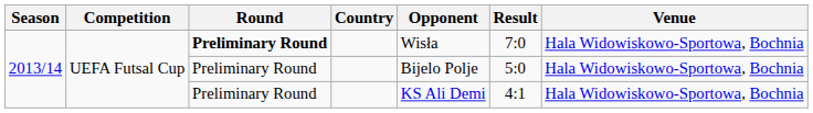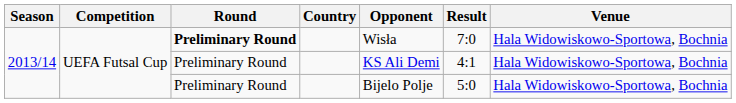 <table class="wikitable">
 <tr>
 <th>Season</th>
 <th>Competition</th>
 <th>Round</th>
 <th>Country</th>
 <th>Opponent</th>
 <th>Result</th>
 <th>Venue</th>
 </tr>
 <tr>
 <td rowspan=3><a href='#'>2013/14</a></td>
 <td rowspan=3 align=center>UEFA Futsal Cup</td>
 <td><strong>Preliminary Round</strong></td>
 <td align=center></td>
 <td>Wisła</td>
 <td align=center>7:0</td>
 <td><a href='#'>Hala Widowiskowo-Sportowa</a>, <a href='#'>Bochnia</a></td>
 </tr>
 <tr>
 <td>Preliminary Round</td>
 <td align=center></td>
-<td>Bijelo Polje</td>
-<td align=center>5:0</td>
+<td><a href='#'>KS Ali Demi</a></td>
+<td align=center>4:1</td>
 <td><a href='#'>Hala Widowiskowo-Sportowa</a>, <a href='#'>Bochnia</a></td>
 </tr>
 <tr>
 <td>Preliminary Round</td>
 <td align=center></td>
-<td><a href='#'>KS Ali Demi</a></td>
-<td align=center>4:1</td>
+<td>Bijelo Polje</td>
+<td align=center>5:0</td>
 <td><a href='#'>Hala Widowiskowo-Sportowa</a>, <a href='#'>Bochnia</a></td>
 </tr>
 </table>
